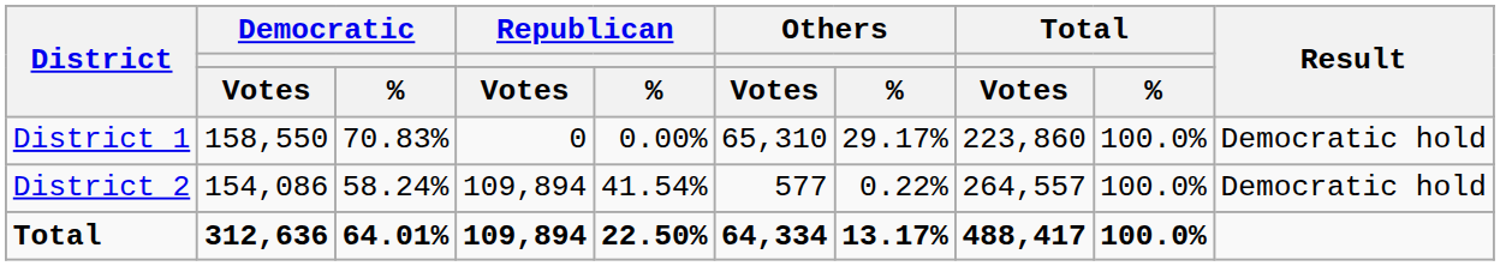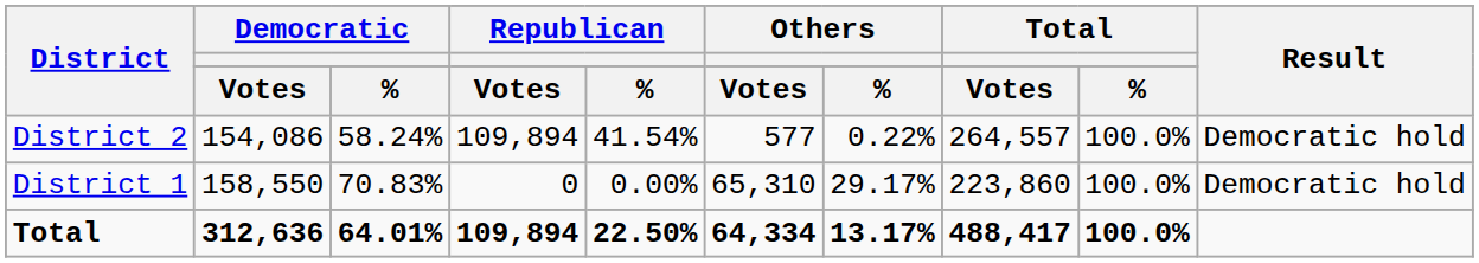 <table class="wikitable plainrowheaders sortable" style="font-size:100%; text-align:right;">
 <tr>
 <th scope=col rowspan=3><a href='#'>District</a></th>
 <th scope=col colspan=2><a href='#'>Democratic</a></th>
 <th scope=col colspan=2><a href='#'>Republican</a></th>
 <th scope=col colspan=2>Others</th>
 <th scope=col colspan=2>Total</th>
 <th scope=col rowspan=3>Result</th>
 </tr>
 <tr>
 <th scope=col colspan=2 style="background:"></th>
 <th scope=col colspan=2 style="background:"></th>
 <th scope=col colspan=2></th>
 <th scope=col colspan=2></th>
 </tr>
 <tr>
 <th scope=col data-sort-type="number">Votes</th>
 <th scope=col data-sort-type="number">%</th>
 <th scope=col data-sort-type="number">Votes</th>
 <th scope=col data-sort-type="number">%</th>
 <th scope=col data-sort-type="number">Votes</th>
 <th scope=col data-sort-type="number">%</th>
 <th scope=col data-sort-type="number">Votes</th>
 <th scope=col data-sort-type="number">%</th>
 </tr>
 <tr>
+<td align=left><a href='#'>District 2</a></td>
+<td>154,086</td>
+<td>58.24%</td>
+<td>109,894</td>
+<td>41.54%</td>
+<td>577</td>
+<td>0.22%</td>
+<td>264,557</td>
+<td>100.0%</td>
+<td align=left>Democratic hold</td>
+</tr>
+<tr>
 <td align=left><a href='#'>District 1</a></td>
 <td>158,550</td>
 <td>70.83%</td>
 <td>0</td>
 <td>0.00%</td>
 <td>65,310</td>
 <td>29.17%</td>
 <td>223,860</td>
-<td>100.0%</td>
-<td align=left>Democratic hold</td>
-</tr>
-<tr>
-<td align=left><a href='#'>District 2</a></td>
-<td>154,086</td>
-<td>58.24%</td>
-<td>109,894</td>
-<td>41.54%</td>
-<td>577</td>
-<td>0.22%</td>
-<td>264,557</td>
 <td>100.0%</td>
 <td align=left>Democratic hold</td>
 </tr>
 <tr class="sortbottom" style="font-weight:bold">
 <td align=left>Total</td>
 <td>312,636</td>
 <td>64.01%</td>
 <td>109,894</td>
 <td>22.50%</td>
 <td>64,334</td>
 <td>13.17%</td>
 <td>488,417</td>
 <td>100.0%</td>
 <td></td>
 </tr>
 </table>
